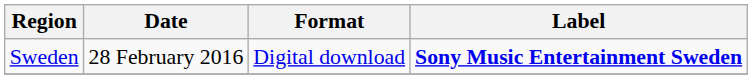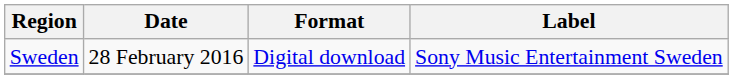 <table class=wikitable>
 <tr>
 <th>Region</th>
 <th>Date</th>
 <th>Format</th>
 <th>Label</th>
 </tr>
 <tr>
 <td><a href='#'>Sweden</a></td>
 <td>28 February 2016</td>
 <td><a href='#'>Digital download</a></td>
-<td><strong><a href='#'>Sony Music Entertainment Sweden</a></strong></td>
+<td><a href='#'>Sony Music Entertainment Sweden</a></td>
 </tr>
 <tr>
 </tr>
 </table>
